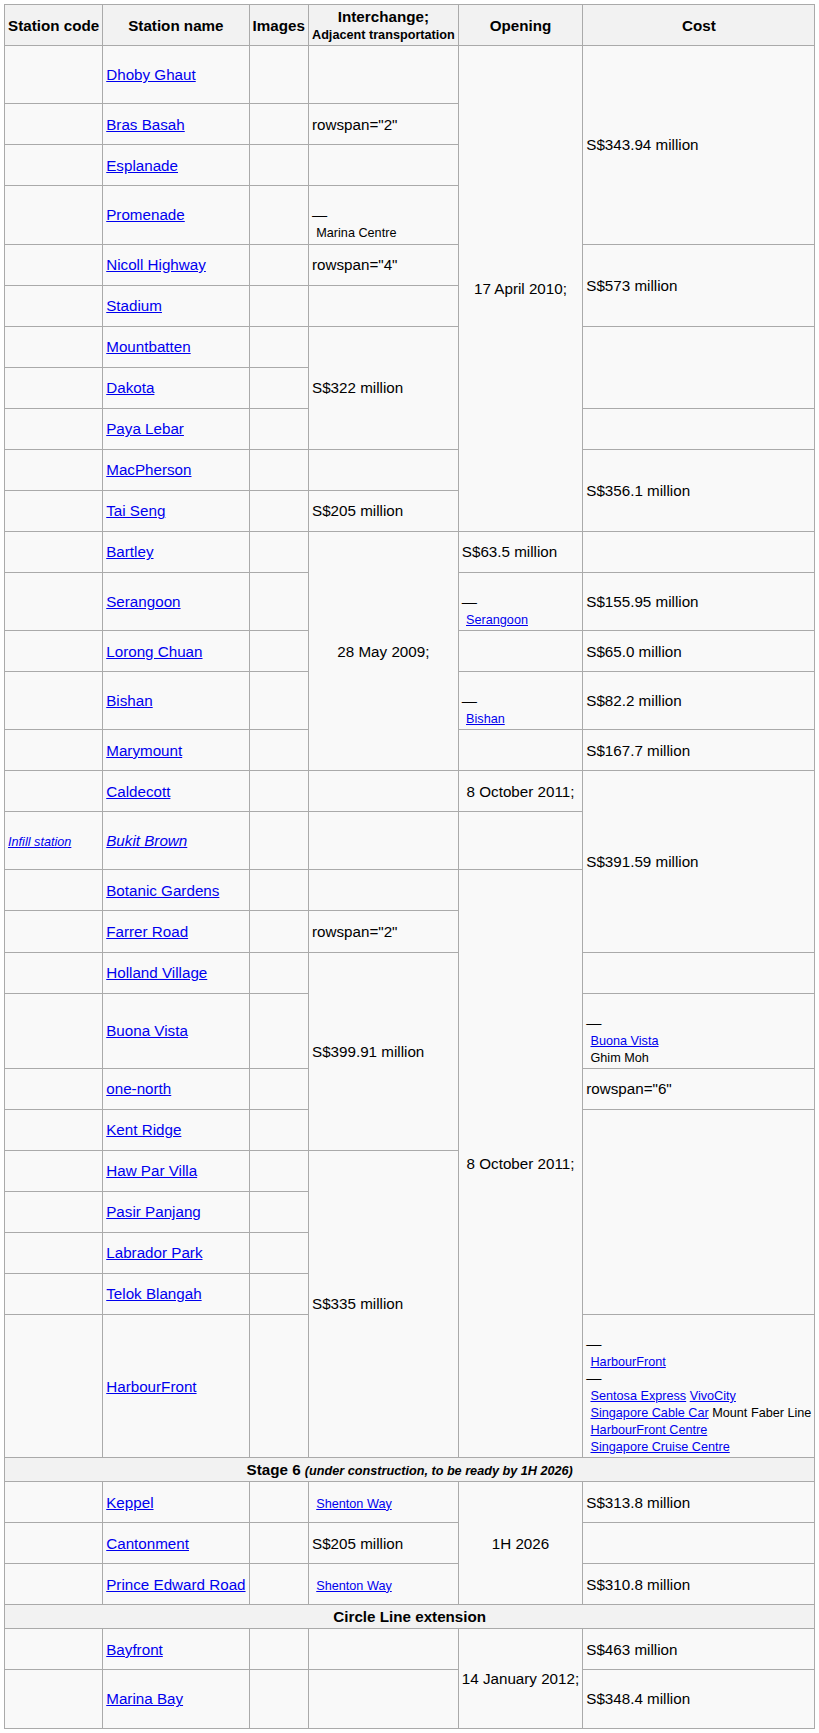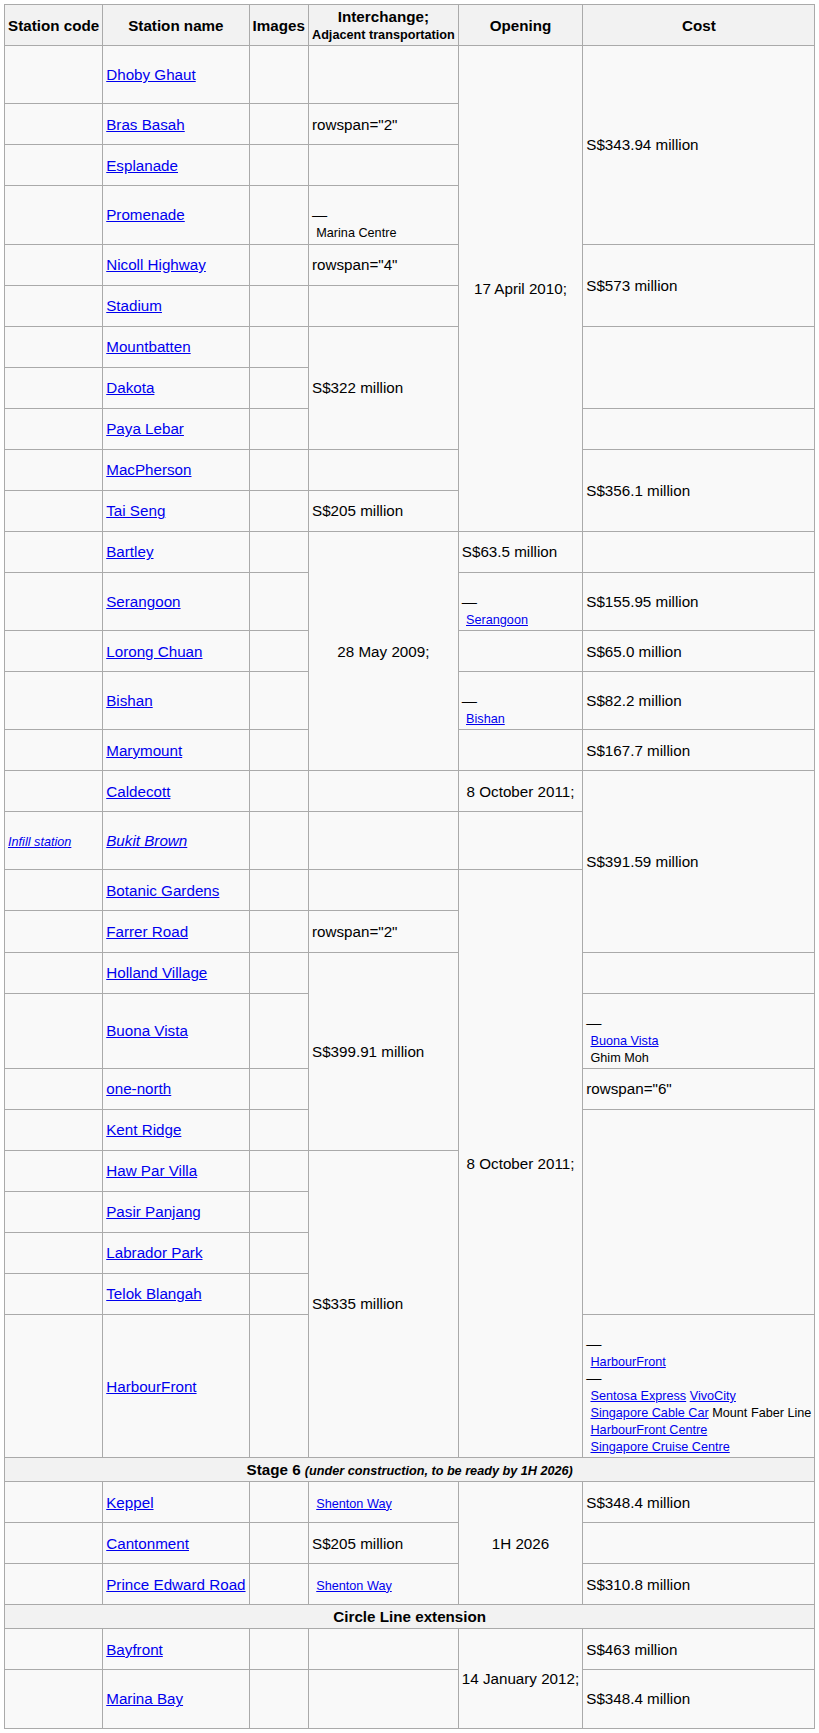 <table class="wikitable" style="color: black; border-collapse: collapse; font-size: 95%">
 <tr>
 <th scope="col" style="background:#">Station code</th>
 <th scope="col" style="background:#">Station name</th>
 <th scope="col" style="background:#">Images</th>
 <th scope="col" style="background:#">Interchange;<br><small>Adjacent transportation</small></th>
 <th scope="col" style="background:#">Opening</th>
 <th scope="col" style="background:#">Cost</th>
 </tr>
 <tr>
 <td scope="row"><br><br> </td>
 <td><a href='#'>Dhoby Ghaut</a></td>
 <td></td>
 <td> <br> </td>
 <td rowspan="11" style="text-align:center;">17 April 2010;<br></td>
 <td rowspan=4>S$343.94 million<br></td>
 </tr>
 <tr>
 <td scope="row"><br> </td>
 <td><a href='#'>Bras Basah</a></td>
 <td></td>
 <td>rowspan="2" </td>
 </tr>
 <tr>
 <td scope="row"><br> </td>
 <td><a href='#'>Esplanade</a></td>
 <td></td>
 </tr>
 <tr>
 <td scope="row"><br> </td>
 <td><a href='#'>Promenade</a></td>
 <td></td>
 <td> <br> ― <br> <small>Marina Centre</small></td>
 </tr>
 <tr>
 <td scope="row"><br> </td>
 <td><a href='#'>Nicoll Highway</a></td>
 <td></td>
 <td>rowspan="4" </td>
 <td rowspan=2>S$573 million<br></td>
 </tr>
 <tr>
 <td scope="row"><br> </td>
 <td><a href='#'>Stadium</a></td>
 <td></td>
 </tr>
 <tr>
 <td scope="row"><br>  </td>
 <td><a href='#'>Mountbatten</a></td>
 <td></td>
 <td rowspan=3>S$322 million<br></td>
 </tr>
 <tr>
 <td scope="row"><br>  </td>
 <td><a href='#'>Dakota</a></td>
 <td></td>
 </tr>
 <tr>
 <td scope="row"><br> </td>
 <td><a href='#'>Paya Lebar</a></td>
 <td></td>
 <td> </td>
 </tr>
 <tr>
 <td scope="row"><br>  </td>
 <td><a href='#'>MacPherson</a></td>
 <td></td>
 <td> </td>
 <td rowspan=2>S$356.1 million<br></td>
 </tr>
 <tr>
 <td scope="row"><br> </td>
 <td><a href='#'>Tai Seng</a></td>
 <td></td>
 <td>S$205 million<br></td>
 </tr>
 <tr>
 <td scope="row"><br>  </td>
 <td><a href='#'>Bartley</a></td>
 <td></td>
 <td rowspan="5" style="text-align:center">28 May 2009;<br></td>
 <td>S$63.5 million</td>
 </tr>
 <tr>
 <td scope="row"><br>  </td>
 <td><a href='#'>Serangoon</a></td>
 <td></td>
 <td> <br>―<br> <small><a href='#'>Serangoon</a></small></td>
 <td>S$155.95 million</td>
 </tr>
 <tr>
 <td scope="row"><br>  </td>
 <td><a href='#'>Lorong Chuan</a></td>
 <td></td>
 <td></td>
 <td>S$65.0 million</td>
 </tr>
 <tr>
 <td scope="row"><br>  </td>
 <td><a href='#'>Bishan</a></td>
 <td></td>
 <td> <br>―<br> <small><a href='#'>Bishan</a></small></td>
 <td>S$82.2 million</td>
 </tr>
 <tr>
 <td scope="row"><br> </td>
 <td><a href='#'>Marymount</a></td>
 <td></td>
 <td></td>
 <td>S$167.7 million</td>
 </tr>
 <tr>
 <td scope="row"><br>  </td>
 <td><a href='#'>Caldecott</a></td>
 <td></td>
 <td> </td>
 <td style="text-align:center">8 October 2011;<br></td>
 <td rowspan=4>S$391.59 million<br></td>
 </tr>
 <tr>
 <td scope="row"><br><small><em><a href='#'>Infill station</a></em></small><br> </td>
 <td><em><a href='#'>Bukit Brown</a></em></td>
 <td></td>
 <td></td>
 <td></td>
 </tr>
 <tr>
 <td scope="row"><br>  </td>
 <td><a href='#'>Botanic Gardens</a></td>
 <td></td>
 <td> </td>
 <td rowspan="11" style="text-align:center">8 October 2011;<br></td>
 </tr>
 <tr>
 <td scope="row"><br> </td>
 <td><a href='#'>Farrer Road</a></td>
 <td></td>
 <td>rowspan="2" </td>
 </tr>
 <tr>
 <td scope="row"><br> </td>
 <td><a href='#'>Holland Village</a></td>
 <td></td>
 <td rowspan=4>S$399.91 million<br></td>
 </tr>
 <tr>
 <td scope="row"><br>  </td>
 <td><a href='#'>Buona Vista</a></td>
 <td></td>
 <td> <br> ― <br> <small><a href='#'>Buona Vista</a></small><br> <small>Ghim Moh</small></td>
 </tr>
 <tr>
 <td scope="row"><br> </td>
 <td><a href='#'>one-north</a></td>
 <td></td>
 <td>rowspan="6" </td>
 </tr>
 <tr>
 <td scope="row"><br> </td>
 <td><a href='#'>Kent Ridge</a></td>
 <td></td>
 </tr>
 <tr>
 <td scope="row"><br>  </td>
 <td><a href='#'>Haw Par Villa</a></td>
 <td></td>
 <td rowspan=5>S$335 million<br></td>
 </tr>
 <tr>
 <td scope="row"><br> </td>
 <td><a href='#'>Pasir Panjang</a></td>
 <td></td>
 </tr>
 <tr>
 <td scope="row"><br>  </td>
 <td><a href='#'>Labrador Park</a></td>
 <td></td>
 </tr>
 <tr>
 <td scope="row"><br> </td>
 <td><a href='#'>Telok Blangah</a></td>
 <td></td>
 </tr>
 <tr>
 <td scope="row"> <br><br>  </td>
 <td><a href='#'>HarbourFront</a></td>
 <td></td>
 <td> <br>―<br> <small><a href='#'>HarbourFront</a></small><br>―<br> <small><a href='#'>Sentosa Express</a> <a href='#'>VivoCity</a></small><br> <small><a href='#'>Singapore Cable Car</a> Mount Faber Line</small><br> <small><a href='#'>HarbourFront Centre</a></small> <br> <small><a href='#'>Singapore Cruise Centre</a></small> </td>
 </tr>
 <tr>
 <th colspan=6>Stage 6 <small><em>(under construction, to be ready by 1H 2026)</em></small></th>
 </tr>
 <tr>
 <td scope="row"><br> </td>
 <td><a href='#'>Keppel</a></td>
 <td></td>
 <td> <small><a href='#'>Shenton Way</a></small></td>
 <td rowspan="3" style="text-align:center">1H 2026</td>
-<td>S$313.8 million<br></td>
+<td>S$348.4 million<br></td>
 </tr>
 <tr>
 <td scope="row"><br>  </td>
 <td><a href='#'>Cantonment</a></td>
 <td></td>
 <td>S$205 million<br></td>
 </tr>
 <tr>
 <td scope="row"><br> </td>
 <td><a href='#'>Prince Edward Road</a></td>
 <td></td>
 <td> <small><a href='#'>Shenton Way</a></small></td>
 <td>S$310.8 million<br></td>
 </tr>
 <tr>
 <th colspan=6>Circle Line extension</th>
 </tr>
 <tr>
 <td scope="row"><br> </td>
 <td><a href='#'>Bayfront</a></td>
 <td></td>
 <td> </td>
 <td rowspan="2" style="text-align:center">14 January 2012;<br></td>
 <td>S$463 million<br></td>
 </tr>
 <tr>
 <td scope="row"><br><br>  </td>
 <td><a href='#'>Marina Bay</a></td>
 <td></td>
 <td> <br>  </td>
 <td>S$348.4 million<br></td>
 </tr>
 </table>
